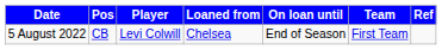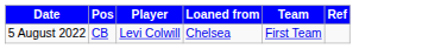 <table class="wikitable plainrowheaders sortable">
 <tr>
 <th style="background:#0000FF; color:#FFFFFF; ">Date</th>
 <th style="background:#0000FF; color:#FFFFFF; ">Pos</th>
 <th style="background:#0000FF; color:#FFFFFF; ">Player</th>
 <th style="background:#0000FF; color:#FFFFFF; ">Loaned from</th>
-<th style="background:#0000FF; color:#FFFFFF; ">On loan until</th>
 <th style="background:#0000FF; color:#FFFFFF; ">Team</th>
 <th style="background:#0000FF; color:#FFFFFF; ">Ref</th>
 </tr>
 <tr>
 <td>5 August 2022</td>
 <td><a href='#'>CB</a></td>
 <td> <a href='#'>Levi Colwill</a></td>
 <td> <a href='#'>Chelsea</a></td>
-<td>End of Season</td>
 <td><a href='#'>First Team</a></td>
 <td></td>
 </tr>
 </table>
